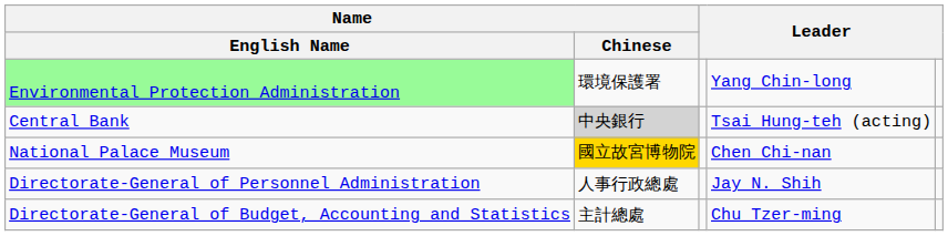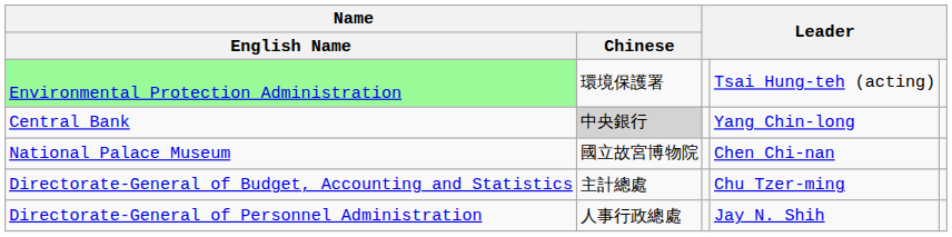 <table class="wikitable sortable">
 <tr>
 <th colspan="2">Name</th>
 <th colspan="3" rowspan="2">Leader</th>
 </tr>
 <tr>
 <th>English Name</th>
 <th>Chinese</th>
 </tr>
 <tr>
 <td style="background:palegreen"><br><a href='#'>Environmental Protection Administration</a></td>
 <td>環境保護署</td>
 <td style="background:"></td>
-<td><a href='#'>Yang Chin-long</a></td>
+<td><a href='#'>Tsai Hung-teh</a> (acting)</td>
 <td></td>
 </tr>
 <tr>
 <td><a href='#'>Central Bank</a></td>
 <td style="background: lightgrey;">中央銀行</td>
 <td style="background:"></td>
-<td><a href='#'>Tsai Hung-teh</a> (acting)</td>
+<td><a href='#'>Yang Chin-long</a></td>
 <td></td>
 </tr>
 <tr>
 <td><a href='#'>National Palace Museum</a></td>
-<td style="background: gold;">國立故宮博物院</td>
+<td>國立故宮博物院</td>
 <td style="background:"></td>
 <td><a href='#'>Chen Chi-nan</a></td>
+<td></td>
+</tr>
+<tr>
+<td><a href='#'>Directorate-General of Budget, Accounting and Statistics</a></td>
+<td>主計總處</td>
+<td style="background:"></td>
+<td><a href='#'>Chu Tzer-ming</a></td>
 <td></td>
 </tr>
 <tr>
 <td><a href='#'>Directorate-General of Personnel Administration</a></td>
 <td>人事行政總處</td>
 <td style="background:"></td>
 <td><a href='#'>Jay N. Shih</a></td>
 <td></td>
 </tr>
-<tr>
-<td><a href='#'>Directorate-General of Budget, Accounting and Statistics</a></td>
-<td>主計總處</td>
-<td style="background:"></td>
-<td><a href='#'>Chu Tzer-ming</a></td>
-<td></td>
-</tr>
 </table>
